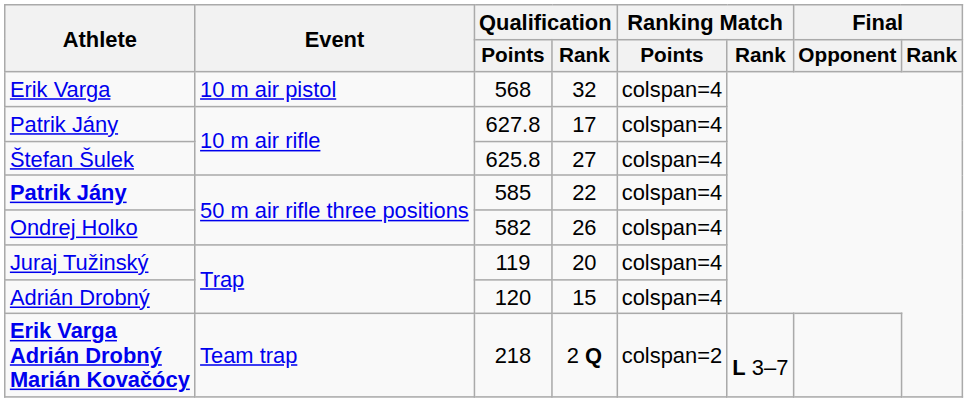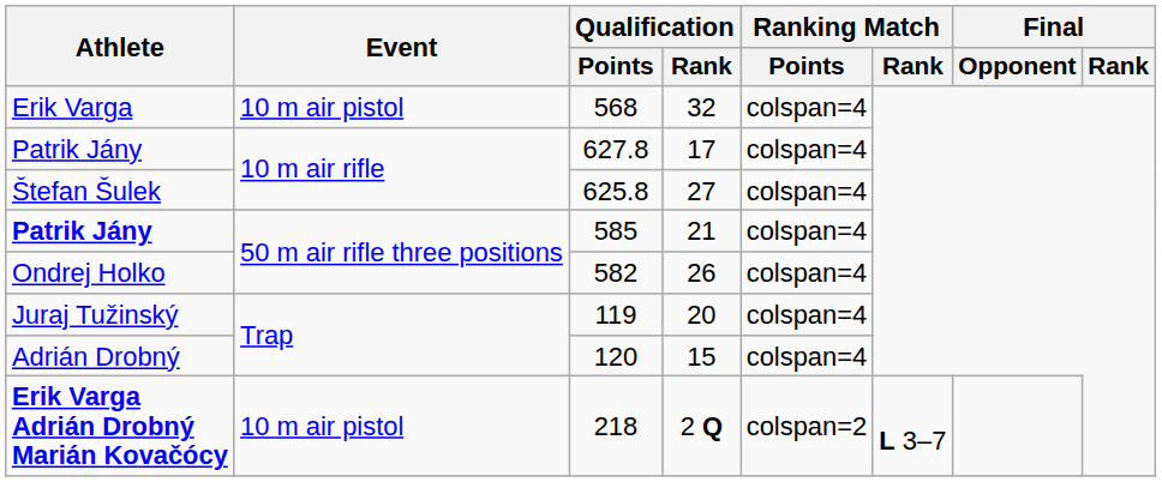 <table class="wikitable" style="font-size:90%">
 <tr>
 <th rowspan="2">Athlete</th>
 <th rowspan="2">Event</th>
 <th colspan=2>Qualification</th>
 <th colspan=2>Ranking Match</th>
 <th colspan=2>Final</th>
 </tr>
 <tr style="font-size:95%">
 <th>Points</th>
 <th>Rank</th>
 <th>Points</th>
 <th>Rank</th>
 <th>Opponent</th>
 <th>Rank</th>
 </tr>
 <tr align=center>
 <td align=left><a href='#'>Erik Varga</a></td>
 <td align=left><a href='#'>10 m air pistol</a></td>
 <td>568</td>
 <td>32</td>
 <td>colspan=4 </td>
 </tr>
 <tr align=center>
 <td align=left><a href='#'>Patrik Jány</a></td>
 <td rowspan=2 align=left><a href='#'>10 m air rifle</a></td>
 <td>627.8</td>
 <td>17</td>
 <td>colspan=4 </td>
 </tr>
 <tr align=center>
 <td align=left><a href='#'>Štefan Šulek</a></td>
 <td>625.8</td>
 <td>27</td>
 <td>colspan=4 </td>
 </tr>
 <tr align=center>
 <td align=left><strong><a href='#'>Patrik Jány</a></strong></td>
 <td rowspan=2 align=left><a href='#'>50 m air rifle three positions</a></td>
 <td>585</td>
-<td>22</td>
+<td>21</td>
 <td>colspan=4 </td>
 </tr>
 <tr align=center>
 <td align=left><a href='#'>Ondrej Holko</a></td>
 <td>582</td>
 <td>26</td>
 <td>colspan=4 </td>
 </tr>
 <tr align=center>
 <td align=left><a href='#'>Juraj Tužinský</a></td>
 <td align=left rowspan=2><a href='#'>Trap</a></td>
 <td>119</td>
 <td>20</td>
 <td>colspan=4 </td>
 </tr>
 <tr align=center>
 <td align=left><a href='#'>Adrián Drobný</a></td>
 <td>120</td>
 <td>15</td>
 <td>colspan=4 </td>
 </tr>
 <tr align=center>
 <td align=left><strong><a href='#'>Erik Varga</a></strong><br><strong><a href='#'>Adrián Drobný</a></strong><br><strong><a href='#'>Marián Kovačócy</a></strong></td>
-<td align=left><a href='#'>Team trap</a></td>
+<td align=left><a href='#'>10 m air pistol</a></td>
 <td>218</td>
 <td>2 <strong>Q</strong></td>
 <td>colspan=2 </td>
 <td><br><strong>L</strong> 3–7</td>
 <td></td>
 </tr>
 </table>
